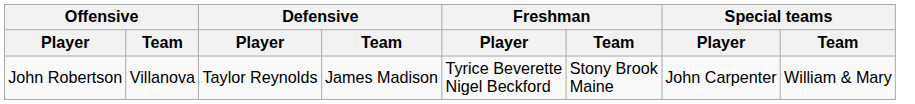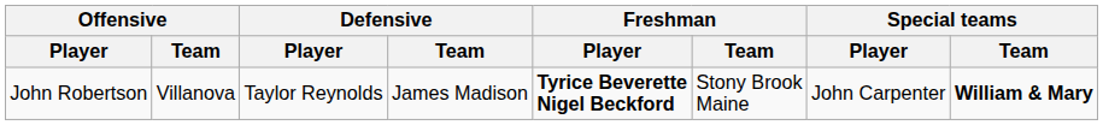 <table class="wikitable" border="1">
 <tr>
 <th colspan="2">Offensive</th>
 <th colspan="2">Defensive</th>
 <th colspan="2">Freshman</th>
 <th colspan="2">Special teams</th>
 </tr>
 <tr>
 <th>Player</th>
 <th>Team</th>
 <th>Player</th>
 <th>Team</th>
 <th>Player</th>
 <th>Team</th>
 <th>Player</th>
 <th>Team</th>
 </tr>
 <tr>
 <td>John Robertson</td>
 <td>Villanova</td>
 <td>Taylor Reynolds</td>
 <td>James Madison</td>
-<td>Tyrice Beverette<br>Nigel Beckford</td>
+<td><strong>Tyrice Beverette<br>Nigel Beckford</strong></td>
 <td>Stony Brook<br>Maine</td>
 <td>John Carpenter</td>
-<td>William & Mary</td>
+<td><strong>William & Mary</strong></td>
 </tr>
 </table>
